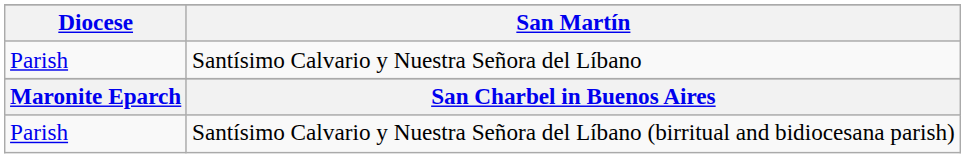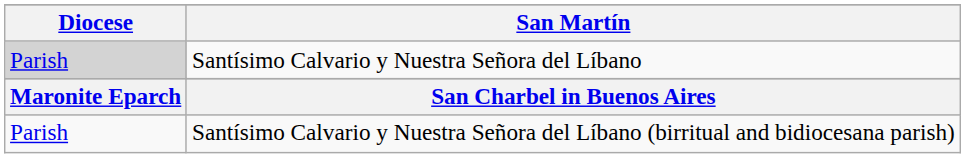 <table class="wikitable">
 <tr bgcolor="#ececec">
 </tr>
 <tr javascript:translate().>
 <th><a href='#'>Diocese</a></th>
 <th><a href='#'>San Martín</a></th>
 </tr>
 <tr>
-<td><a href='#'>Parish</a></td>
+<td style="background: lightgrey;"><a href='#'>Parish</a></td>
 <td>Santísimo Calvario y Nuestra Señora del Líbano</td>
 </tr>
 <tr>
 </tr>
 <tr bgcolor="#ececec">
 </tr>
 <tr javascript:translate().>
 <th><a href='#'>Maronite Eparch</a></th>
 <th><a href='#'>San Charbel in Buenos Aires</a></th>
 </tr>
 <tr>
 <td><a href='#'>Parish</a></td>
 <td>Santísimo Calvario y Nuestra Señora del Líbano (birritual and bidiocesana parish)</td>
 </tr>
 </table>
